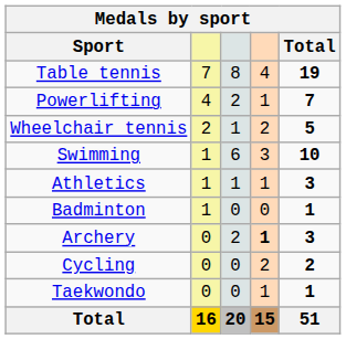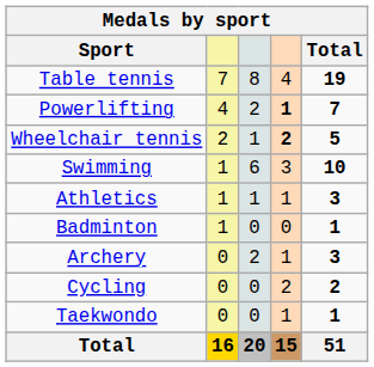 <table class="wikitable" style=font-size:85%;float:right;text-align:center>
 <tr>
 <th colspan=5>Medals by sport</th>
 </tr>
 <tr>
 <th>Sport</th>
 <td bgcolor=F7F6A8></td>
 <td bgcolor=DCE5E5></td>
 <td bgcolor=FFDAB9></td>
 <th>Total</th>
 </tr>
 <tr>
 <td><a href='#'>Table tennis</a></td>
 <td bgcolor=F7F6A8>7</td>
 <td bgcolor=DCE5E5>8</td>
 <td bgcolor=FFDAB9>4</td>
 <td><strong>19</strong></td>
 </tr>
 <tr>
 <td><a href='#'>Powerlifting</a></td>
 <td bgcolor=F7F6A8>4</td>
 <td bgcolor=DCE5E5>2</td>
-<td bgcolor=FFDAB9>1</td>
+<td bgcolor=FFDAB9><strong>1</strong></td>
 <td><strong>7</strong></td>
 </tr>
 <tr>
 <td nowrap><a href='#'>Wheelchair tennis</a></td>
 <td bgcolor=F7F6A8>2</td>
 <td bgcolor=DCE5E5>1</td>
-<td bgcolor=FFDAB9>2</td>
+<td bgcolor=FFDAB9><strong>2</strong></td>
 <td><strong>5</strong></td>
 </tr>
 <tr>
 <td><a href='#'>Swimming</a></td>
 <td bgcolor=F7F6A8>1</td>
 <td bgcolor=DCE5E5>6</td>
 <td bgcolor=FFDAB9>3</td>
 <td><strong>10</strong></td>
 </tr>
 <tr>
 <td><a href='#'>Athletics</a></td>
 <td bgcolor=F7F6A8>1</td>
 <td bgcolor=DCE5E5>1</td>
 <td bgcolor=FFDAB9>1</td>
 <td><strong>3</strong></td>
 </tr>
 <tr>
 <td><a href='#'>Badminton</a></td>
 <td bgcolor=F7F6A8>1</td>
 <td bgcolor=DCE5E5>0</td>
 <td bgcolor=FFDAB9>0</td>
 <td><strong>1</strong></td>
 </tr>
 <tr>
 <td><a href='#'>Archery</a></td>
 <td bgcolor=F7F6A8>0</td>
 <td bgcolor=DCE5E5>2</td>
-<td bgcolor=FFDAB9><strong>1</strong></td>
+<td bgcolor=FFDAB9>1</td>
 <td><strong>3</strong></td>
 </tr>
 <tr>
 <td><a href='#'>Cycling</a></td>
 <td bgcolor=F7F6A8>0</td>
 <td bgcolor=DCE5E5>0</td>
 <td bgcolor=FFDAB9>2</td>
 <td><strong>2</strong></td>
 </tr>
 <tr>
 <td><a href='#'>Taekwondo</a></td>
 <td bgcolor=F7F6A8>0</td>
 <td bgcolor=DCE5E5>0</td>
 <td bgcolor=FFDAB9>1</td>
 <td><strong>1</strong></td>
 </tr>
 <tr>
 <th>Total</th>
 <th style=background:gold>16</th>
 <th style=background:silver>20</th>
 <th style=background:#c96>15</th>
 <th>51</th>
 </tr>
 </table>
